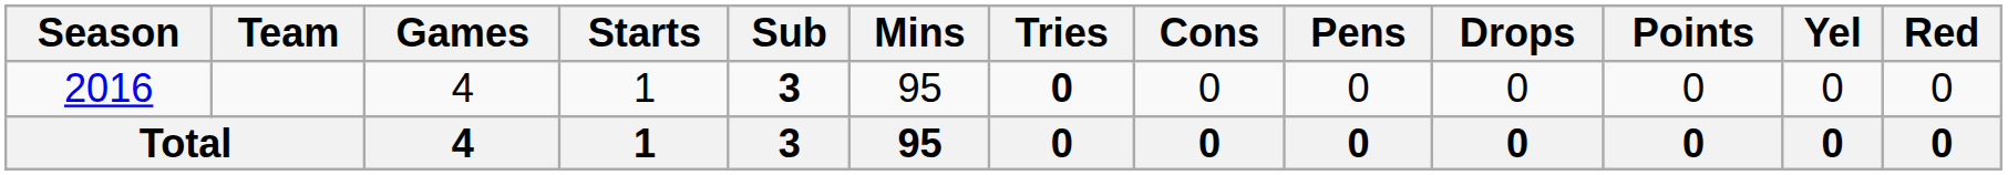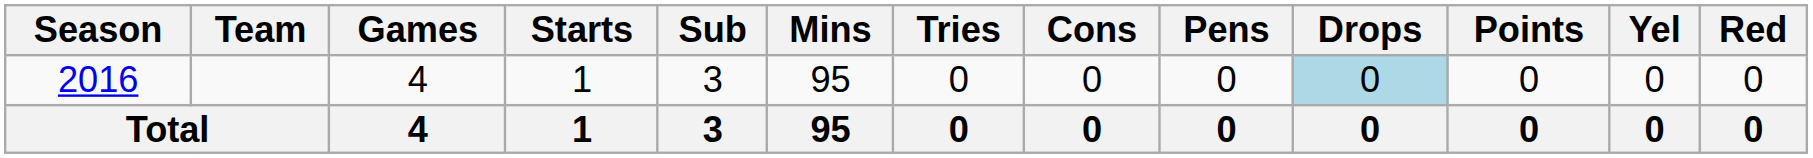 <table class="wikitable" style="text-align:center; line-height:90%; font-size:95%; width:60%;">
 <tr>
 <th>Season</th>
 <th>Team</th>
 <th>Games</th>
 <th>Starts</th>
 <th>Sub</th>
 <th>Mins</th>
 <th>Tries</th>
 <th>Cons</th>
 <th>Pens</th>
 <th>Drops</th>
 <th>Points</th>
 <th>Yel</th>
 <th>Red</th>
 </tr>
 <tr>
 <td><a href='#'>2016</a></td>
 <td></td>
 <td>4</td>
 <td>1</td>
-<td><strong>3</strong></td>
+<td>3</td>
 <td>95</td>
-<td><strong>0</strong></td>
 <td>0</td>
 <td>0</td>
 <td>0</td>
+<td style="background: lightblue;">0</td>
 <td>0</td>
 <td>0</td>
 <td>0</td>
 </tr>
 <tr>
 <th colspan="2">Total</th>
 <th>4</th>
 <th>1</th>
 <th>3</th>
 <th>95</th>
 <th>0</th>
 <th>0</th>
 <th>0</th>
 <th>0</th>
 <th>0</th>
 <th>0</th>
 <th>0</th>
 </tr>
 </table>
